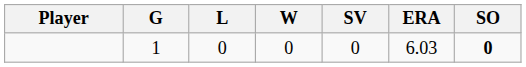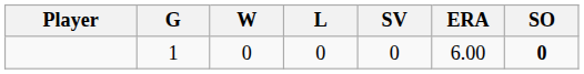 <table class="wikitable sortable">
 <tr>
 <th bgcolor="#DDDDFF" width="16%">Player</th>
 <th bgcolor="#DDDDFF" width="9%">G</th>
+<th bgcolor="#DDDDFF" width="9%">W</th>
 <th bgcolor="#DDDDFF" width="9%">L</th>
-<th bgcolor="#DDDDFF" width="9%">W</th>
 <th bgcolor="#DDDDFF" width="9%">SV</th>
 <th bgcolor="#DDDDFF" width="9%">ERA</th>
 <th bgcolor="#DDDDFF" width="9%">SO</th>
 </tr>
 <tr align="center">
 <td></td>
 <td>1</td>
 <td>0</td>
 <td>0</td>
 <td>0</td>
-<td>6.03</td>
+<td>6.00</td>
 <td><strong>0</strong></td>
 </tr>
 </table>
